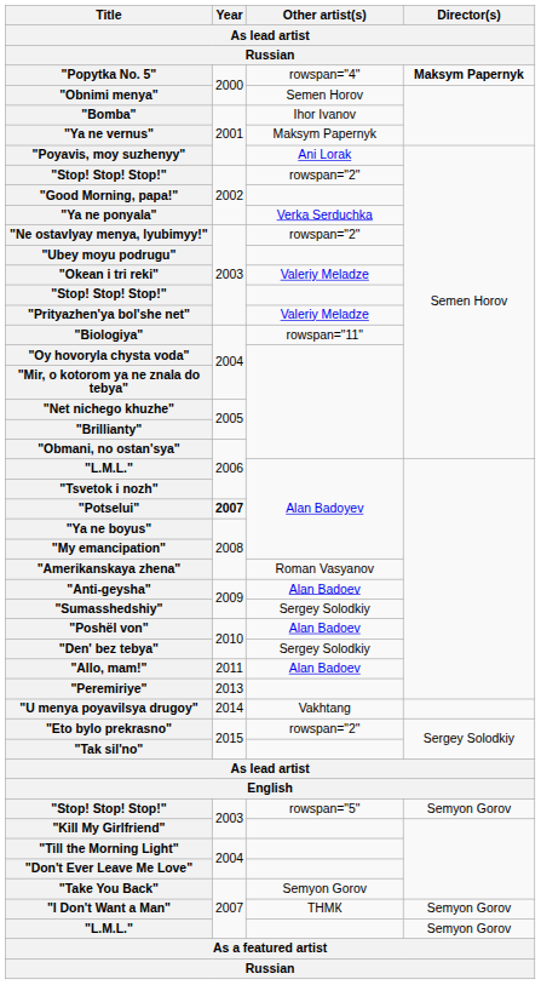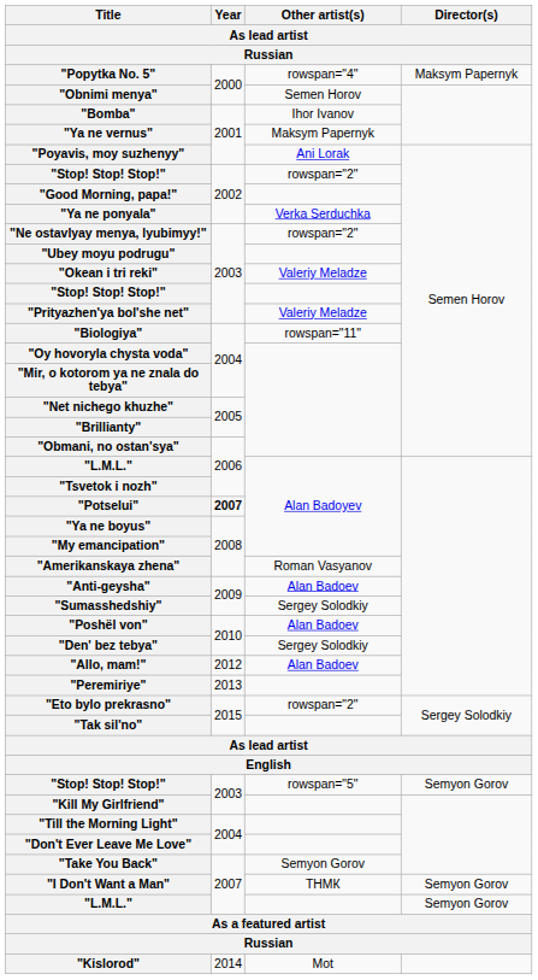 <table class="wikitable plainrowheaders" style="text-align:center;">
 <tr>
 <th scope="col" style="width:16em;">Title</th>
 <th scope="col">Year</th>
 <th scope="col" style="width:12em;">Other artist(s)</th>
 <th scope="col" style="width:10em;">Director(s)</th>
 </tr>
 <tr>
 <th scope="col" colspan="4">As lead artist</th>
 </tr>
 <tr>
 <th scope="col" colspan="4">Russian</th>
 </tr>
 <tr>
 <th scope="row">"Popytka No. 5" </th>
 <td rowspan="2">2000</td>
 <td>rowspan="4" </td>
-<td><strong>Maksym Papernyk</strong></td>
+<td>Maksym Papernyk</td>
 </tr>
 <tr>
 <th scope="row">"Obnimi menya" </th>
 <td>Semen Horov</td>
 </tr>
 <tr>
 <th scope="row">"Bomba" </th>
 <td rowspan="3">2001</td>
 <td>Ihor Ivanov</td>
 </tr>
 <tr>
 <th scope="row">"Ya ne vernus" </th>
 <td>Maksym Papernyk</td>
 </tr>
 <tr>
 <th scope="row">"Poyavis, moy suzhenyy" </th>
 <td><a href='#'>Ani Lorak</a></td>
 <td rowspan="15">Semen Horov</td>
 </tr>
 <tr>
 <th scope="row">"Stop! Stop! Stop!" </th>
 <td rowspan="3">2002</td>
 <td>rowspan="2" </td>
 </tr>
 <tr>
 <th scope="row">"Good Morning, papa!" </th>
 </tr>
 <tr>
 <th scope="row">"Ya ne ponyala" </th>
 <td><a href='#'>Verka Serduchka</a></td>
 </tr>
 <tr>
 <th scope="row">"Ne ostavlyay menya, lyubimyy!" </th>
 <td rowspan="5">2003</td>
 <td>rowspan="2" </td>
 </tr>
 <tr>
 <th scope="row">"Ubey moyu podrugu" </th>
 </tr>
 <tr>
 <th scope="row">"Okean i tri reki" </th>
 <td><a href='#'>Valeriy Meladze</a></td>
 </tr>
 <tr>
 <th scope="row">"Stop! Stop! Stop!"</th>
 <td></td>
 </tr>
 <tr>
 <th scope="row">"Prityazhen'ya bol'she net" </th>
 <td><a href='#'>Valeriy Meladze</a></td>
 </tr>
 <tr>
 <th scope="row">"Biologiya" </th>
 <td rowspan="3">2004</td>
 <td>rowspan="11" </td>
 </tr>
 <tr>
 <th scope="row">"Oy hovoryla chysta voda" </th>
 </tr>
 <tr>
 <th scope="row">"Mir, o kotorom ya ne znala do tebya" </th>
 </tr>
 <tr>
 <th scope="row">"Net nichego khuzhe" </th>
 <td rowspan="2">2005</td>
 </tr>
 <tr>
 <th scope="row">"Brillianty" </th>
 </tr>
 <tr>
 <th scope="row">"Obmani, no ostan'sya" </th>
 <td rowspan="3">2006</td>
 </tr>
 <tr>
 <th scope="row">"L.M.L." </th>
 <td rowspan="5"><a href='#'>Alan Badoyev</a></td>
 </tr>
 <tr>
 <th scope="row">"Tsvetok i nozh" </th>
 </tr>
 <tr>
 <th scope="row">"Potselui" </th>
 <td><strong>2007</strong></td>
 </tr>
 <tr>
 <th scope="row">"Ya ne boyus" </th>
 <td rowspan="3">2008</td>
 </tr>
 <tr>
 <th scope="row">"My emancipation"</th>
 </tr>
 <tr>
 <th scope="row">"Amerikanskaya zhena" </th>
 <td>Roman Vasyanov</td>
 </tr>
 <tr>
 <th scope="row">"Аnti-geysha" </th>
 <td rowspan="2">2009</td>
 <td><a href='#'>Alan Badoev</a></td>
 </tr>
 <tr>
 <th scope="row">"Sumasshedshiy" </th>
 <td>Sergey Solodkiy</td>
 </tr>
 <tr>
 <th scope="row">"Poshёl von" </th>
 <td rowspan="2">2010</td>
 <td><a href='#'>Alan Badoev</a></td>
 </tr>
 <tr>
 <th scope="row">"Den' bez tebya" </th>
 <td>Sergey Solodkiy</td>
 </tr>
 <tr>
 <th scope="row">"Allo, mam!" </th>
-<td>2011</td>
+<td>2012</td>
 <td><a href='#'>Alan Badoev</a></td>
 </tr>
 <tr>
 <th scope="row">"Peremiriye" </th>
 <td>2013</td>
-<td></td>
-</tr>
-<tr>
-<th scope="row">"U menya poyavilsya drugoy" </th>
-<td>2014</td>
-<td>Vakhtang</td>
 <td></td>
 </tr>
 <tr>
 <th scope="row">"Eto bylo prekrasno" </th>
 <td rowspan="2">2015</td>
 <td>rowspan="2" </td>
 <td rowspan="2">Sergey Solodkiy</td>
 </tr>
 <tr>
 <th scope="row">"Tak sil'no" </th>
 </tr>
 <tr>
 <th scope="col" colspan="4">As lead artist</th>
 </tr>
 <tr>
 <th scope="col" colspan="4">English</th>
 </tr>
 <tr>
 <th scope="row">"Stop! Stop! Stop!"</th>
 <td rowspan="2">2003</td>
 <td>rowspan="5" </td>
 <td>Semyon Gorov</td>
 </tr>
 <tr>
 <th scope="row">"Kill My Girlfriend"</th>
 <td></td>
 </tr>
 <tr>
 <th scope="row">"Till the Morning Light"</th>
 <td rowspan="2">2004</td>
 <td></td>
 </tr>
 <tr>
 <th scope="row">"Don't Ever Leave Me Love"</th>
 <td></td>
 </tr>
 <tr>
 <th scope="row">"Take You Back"</th>
 <td rowspan="3">2007</td>
 <td>Semyon Gorov</td>
 </tr>
 <tr>
 <th scope="row">"I Don't Want a Man"</th>
 <td>ТНМК</td>
 <td>Semyon Gorov</td>
 </tr>
 <tr>
 <th scope="row">"L.M.L."</th>
 <td></td>
 <td>Semyon Gorov</td>
 </tr>
 <tr>
 <th scope="col" colspan="4">As a featured artist</th>
 </tr>
 <tr>
 <th scope="col" colspan="4">Russian</th>
 </tr>
+<tr>
+<th scope="row">"Kislorod" </th>
+<td>2014</td>
+<td>Mot</td>
+<td></td>
+</tr>
 </table>
